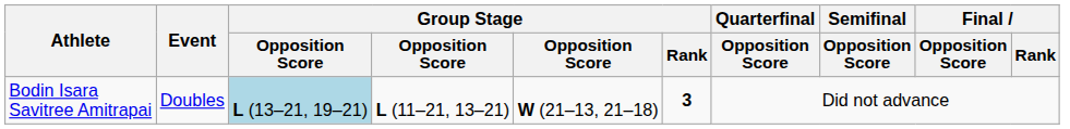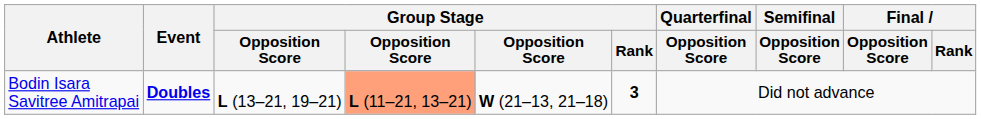 <table class="wikitable" style="font-size:90%">
 <tr>
 <th rowspan=2>Athlete</th>
 <th rowspan=2>Event</th>
 <th colspan=4>Group Stage</th>
 <th>Quarterfinal</th>
 <th>Semifinal</th>
 <th colspan=2>Final / </th>
 </tr>
 <tr style="font-size:95%">
 <th>Opposition<br>Score</th>
 <th>Opposition<br>Score</th>
 <th>Opposition<br>Score</th>
 <th>Rank</th>
 <th>Opposition<br>Score</th>
 <th>Opposition<br>Score</th>
 <th>Opposition<br>Score</th>
 <th>Rank</th>
 </tr>
 <tr align=center>
 <td align=left><a href='#'>Bodin Isara</a><br><a href='#'>Savitree Amitrapai</a></td>
-<td align=left><a href='#'>Doubles</a></td>
-<td style="background: lightblue;"><br><strong>L</strong> (13–21, 19–21)</td>
-<td><br><strong>L</strong> (11–21, 13–21)</td>
+<td align=left><strong><a href='#'>Doubles</a></strong></td>
+<td><br><strong>L</strong> (13–21, 19–21)</td>
+<td style="background: lightsalmon;"><br><strong>L</strong> (11–21, 13–21)</td>
 <td><br><strong>W</strong> (21–13, 21–18)</td>
 <td><strong>3</strong></td>
 <td colspan=5>Did not advance</td>
 </tr>
 </table>
